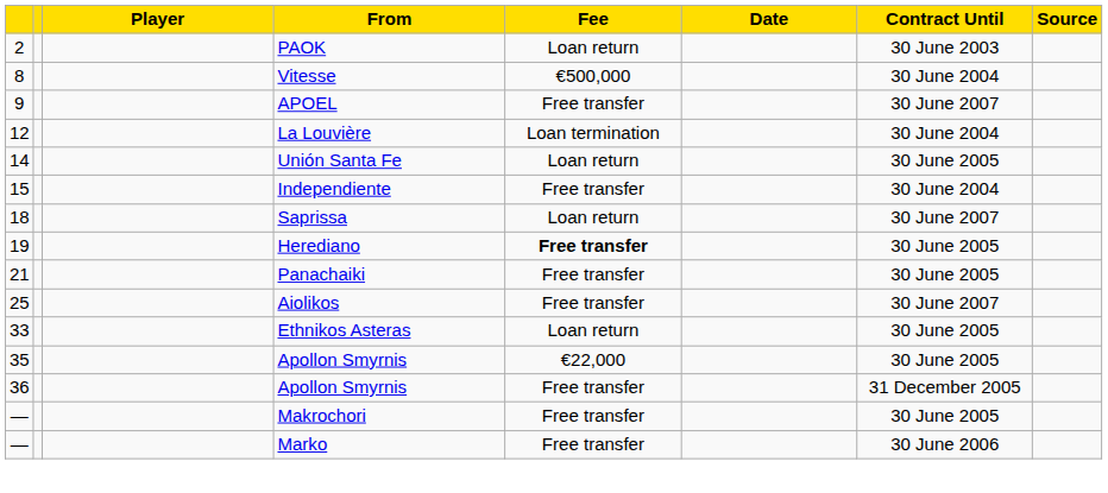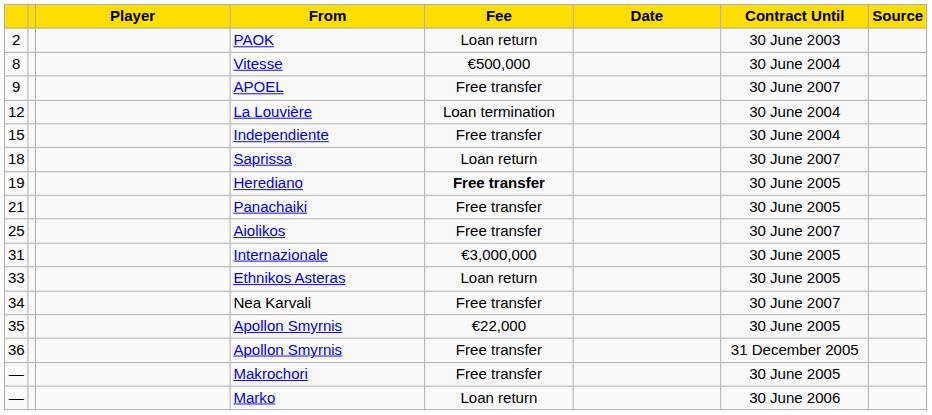 <table class="wikitable sortable">
 <tr>
 <th style="background:#FFDE00"></th>
 <th style="background:#FFDE00"></th>
 <th width=200 style="background:#FFDE00">Player</th>
 <th width=200 style="background:#FFDE00">From</th>
 <th width=150 style="background:#FFDE00">Fee</th>
 <th width=150 style="background:#FFDE00">Date</th>
 <th width=150 style="background:#FFDE00">Contract Until</th>
 <th style="background:#FFDE00">Source</th>
 </tr>
 <tr>
 <td align=center>2</td>
 <td align=center></td>
 <td></td>
 <td> <a href='#'>PAOK</a></td>
 <td align=center>Loan return</td>
 <td align=center></td>
 <td align=center>30 June 2003</td>
 <td align=center></td>
 </tr>
 <tr>
 <td align=center>8</td>
 <td align=center></td>
 <td></td>
 <td> <a href='#'>Vitesse</a></td>
 <td align=center>€500,000</td>
 <td align=center></td>
 <td align=center>30 June 2004</td>
 <td align=center></td>
 </tr>
 <tr>
 <td align=center>9</td>
 <td align=center></td>
 <td></td>
 <td> <a href='#'>APOEL</a></td>
 <td align=center>Free transfer</td>
 <td align=center></td>
 <td align=center>30 June 2007</td>
 <td align=center></td>
 </tr>
 <tr>
 <td align=center>12</td>
 <td align=center></td>
 <td></td>
 <td> <a href='#'>La Louvière</a></td>
 <td align=center>Loan termination</td>
 <td align=center></td>
 <td align=center>30 June 2004</td>
-<td align=center></td>
-</tr>
-<tr>
-<td align=center>14</td>
-<td align=center></td>
-<td></td>
-<td> <a href='#'>Unión Santa Fe</a></td>
-<td align=center>Loan return</td>
-<td align=center></td>
-<td align=center>30 June 2005</td>
 <td align=center></td>
 </tr>
 <tr>
 <td align=center>15</td>
 <td align=center></td>
 <td></td>
 <td> <a href='#'>Independiente</a></td>
 <td align=center>Free transfer</td>
 <td align=center></td>
 <td align=center>30 June 2004</td>
 <td align=center></td>
 </tr>
 <tr>
 <td align=center>18</td>
 <td align=center></td>
 <td></td>
 <td> <a href='#'>Saprissa</a></td>
 <td align=center>Loan return</td>
 <td align=center></td>
 <td align=center>30 June 2007</td>
 <td align=center></td>
 </tr>
 <tr>
 <td align=center>19</td>
 <td align=center></td>
 <td></td>
 <td> <a href='#'>Herediano</a></td>
 <td align=center><strong>Free transfer</strong></td>
 <td align=center></td>
 <td align=center>30 June 2005</td>
 <td align=center></td>
 </tr>
 <tr>
 <td align=center>21</td>
 <td align=center></td>
 <td></td>
 <td> <a href='#'>Panachaiki</a></td>
 <td align=center>Free transfer</td>
 <td align=center></td>
 <td align=center>30 June 2005</td>
 <td align=center></td>
 </tr>
 <tr>
 <td align=center>25</td>
 <td align=center></td>
 <td></td>
 <td> <a href='#'>Aiolikos</a></td>
 <td align=center>Free transfer</td>
 <td align=center></td>
 <td align=center>30 June 2007</td>
 <td align=center></td>
 </tr>
 <tr>
+<td align=center>31</td>
+<td align=center></td>
+<td></td>
+<td> <a href='#'>Internazionale</a></td>
+<td align=center>€3,000,000</td>
+<td align=center></td>
+<td align=center>30 June 2005</td>
+<td align=center></td>
+</tr>
+<tr>
 <td align=center>33</td>
 <td align=center></td>
 <td></td>
 <td> <a href='#'>Ethnikos Asteras</a></td>
 <td align=center>Loan return</td>
 <td align=center></td>
 <td align=center>30 June 2005</td>
+<td align=center></td>
+</tr>
+<tr>
+<td align=center>34</td>
+<td align=center></td>
+<td></td>
+<td> Nea Karvali</td>
+<td align=center>Free transfer</td>
+<td align=center></td>
+<td align=center>30 June 2007</td>
 <td align=center></td>
 </tr>
 <tr>
 <td align=center>35</td>
 <td align=center></td>
 <td></td>
 <td> <a href='#'>Apollon Smyrnis</a></td>
 <td align=center>€22,000</td>
 <td align=center></td>
 <td align=center>30 June 2005</td>
 <td align=center></td>
 </tr>
 <tr>
 <td align=center>36</td>
 <td align=center></td>
 <td></td>
 <td> <a href='#'>Apollon Smyrnis</a></td>
 <td align=center>Free transfer</td>
 <td align=center></td>
 <td align=center>31 December 2005</td>
 <td align=center></td>
 </tr>
 <tr>
 <td align=center>—</td>
 <td align=center></td>
 <td></td>
 <td> <a href='#'>Makrochori</a></td>
 <td align=center>Free transfer</td>
 <td align=center></td>
 <td align=center>30 June 2005</td>
 <td align=center></td>
 </tr>
 <tr>
 <td align=center>—</td>
 <td align=center></td>
 <td></td>
 <td> <a href='#'>Marko</a></td>
-<td align=center>Free transfer</td>
+<td align=center>Loan return</td>
 <td align=center></td>
 <td align=center>30 June 2006</td>
 <td align=center></td>
 </tr>
 </table>
